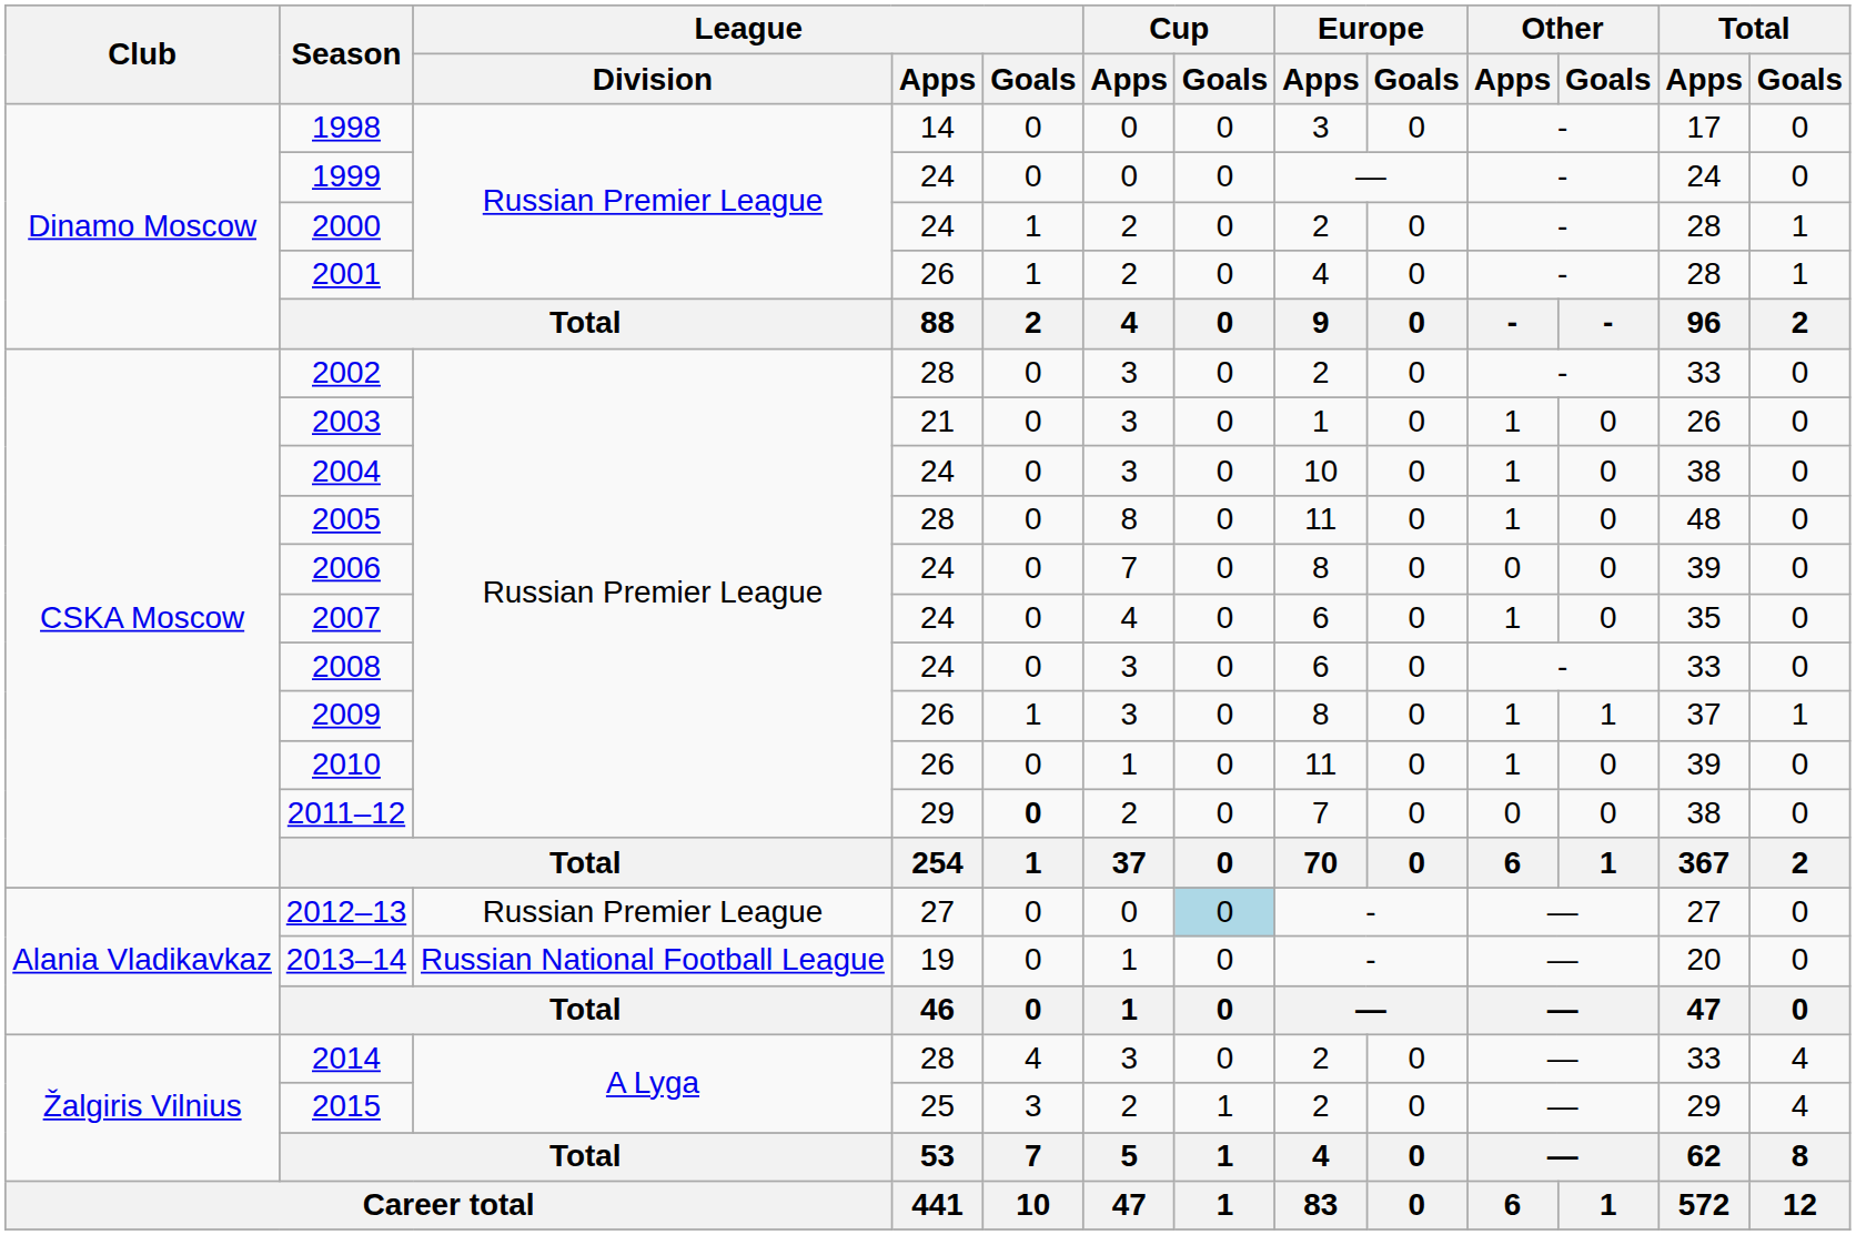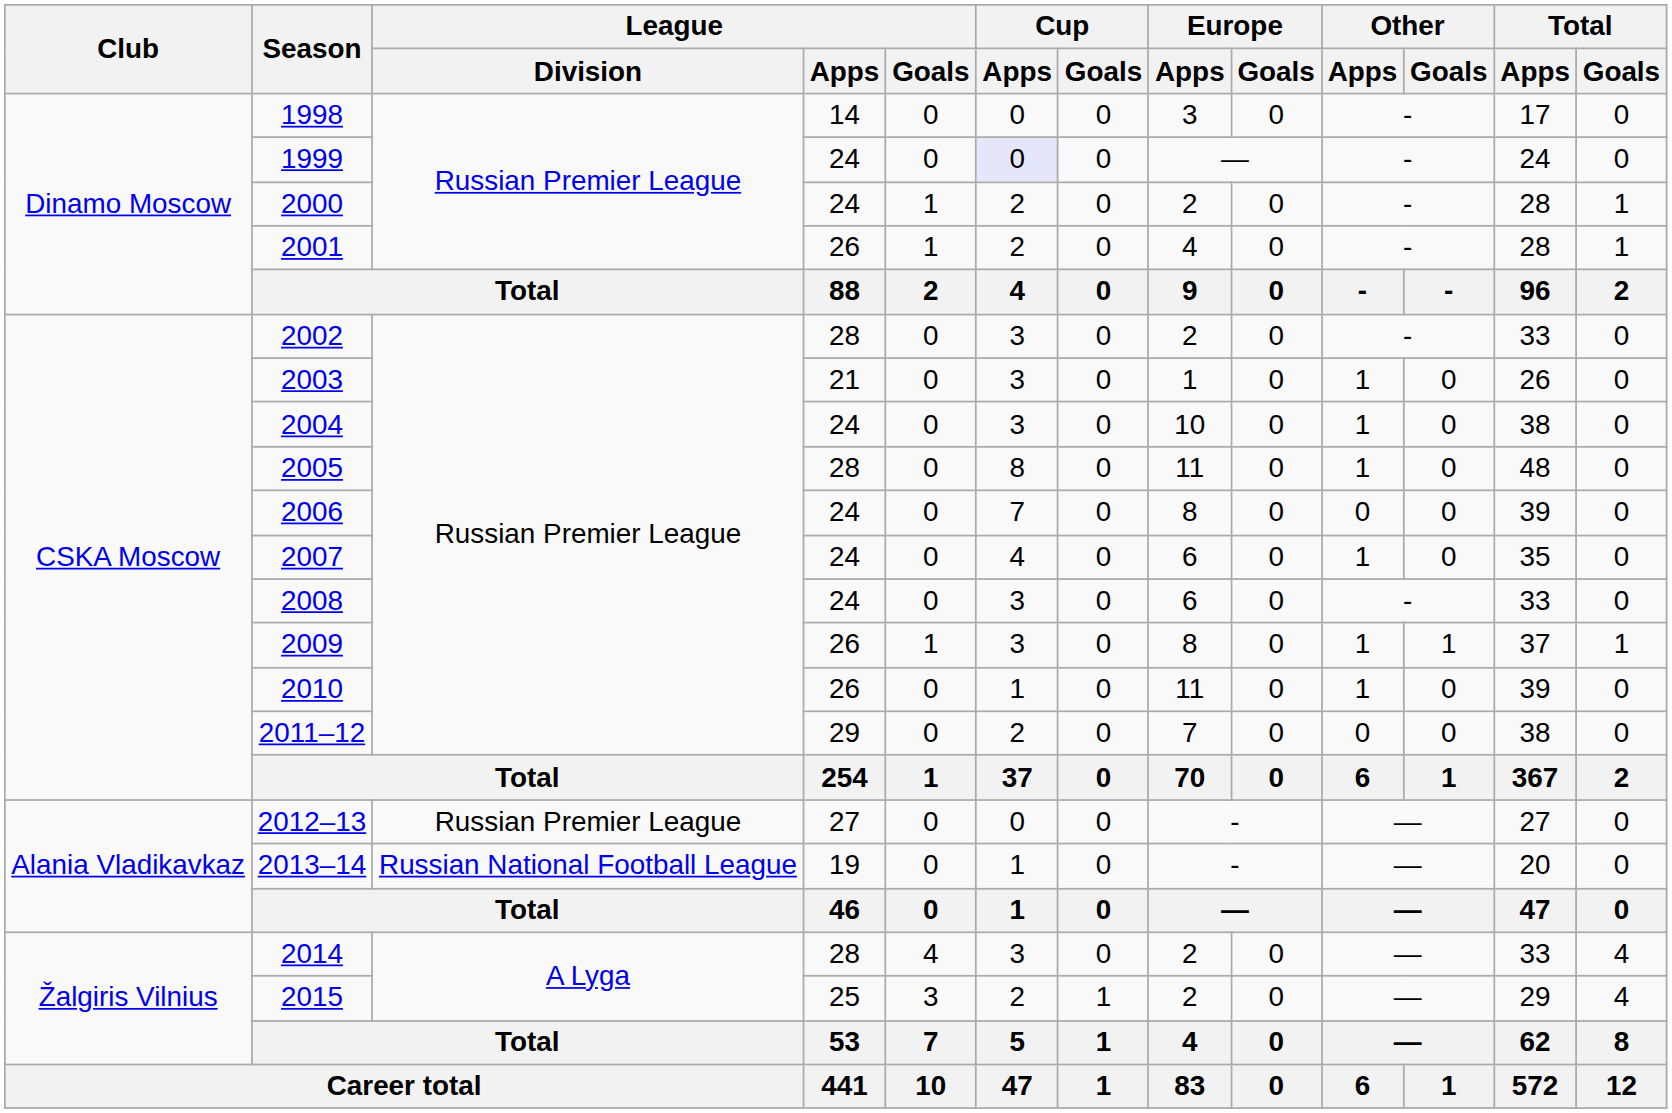 <table class="wikitable" style="text-align:center">
 <tr>
 <th rowspan="2">Club</th>
 <th rowspan="2">Season</th>
 <th colspan="3">League</th>
 <th colspan="2">Cup</th>
 <th colspan="2">Europe</th>
 <th colspan="2">Other</th>
 <th colspan="2">Total</th>
 </tr>
 <tr>
 <th>Division</th>
 <th>Apps</th>
 <th>Goals</th>
 <th>Apps</th>
 <th>Goals</th>
 <th>Apps</th>
 <th>Goals</th>
 <th>Apps</th>
 <th>Goals</th>
 <th>Apps</th>
 <th>Goals</th>
 </tr>
 <tr>
 <td rowspan="5"><a href='#'>Dinamo Moscow</a></td>
 <td><a href='#'>1998</a></td>
 <td rowspan="4"><a href='#'>Russian Premier League</a></td>
 <td>14</td>
 <td>0</td>
 <td>0</td>
 <td>0</td>
 <td>3</td>
 <td>0</td>
 <td colspan="2">-</td>
 <td>17</td>
 <td>0</td>
 </tr>
 <tr>
 <td><a href='#'>1999</a></td>
 <td>24</td>
 <td>0</td>
-<td>0</td>
+<td style="background: lavender;">0</td>
 <td>0</td>
 <td colspan="2">—</td>
 <td colspan="2">-</td>
 <td>24</td>
 <td>0</td>
 </tr>
 <tr>
 <td><a href='#'>2000</a></td>
 <td>24</td>
 <td>1</td>
 <td>2</td>
 <td>0</td>
 <td>2</td>
 <td>0</td>
 <td colspan="2">-</td>
 <td>28</td>
 <td>1</td>
 </tr>
 <tr>
 <td><a href='#'>2001</a></td>
 <td>26</td>
 <td>1</td>
 <td>2</td>
 <td>0</td>
 <td>4</td>
 <td>0</td>
 <td colspan="2">-</td>
 <td>28</td>
 <td>1</td>
 </tr>
 <tr>
 <th colspan="2">Total</th>
 <th>88</th>
 <th>2</th>
 <th>4</th>
 <th>0</th>
 <th>9</th>
 <th>0</th>
 <th>-</th>
 <th>-</th>
 <th>96</th>
 <th>2</th>
 </tr>
 <tr>
 <td rowspan="11"><a href='#'>CSKA Moscow</a></td>
 <td><a href='#'>2002</a></td>
 <td rowspan="10">Russian Premier League</td>
 <td>28</td>
 <td>0</td>
 <td>3</td>
 <td>0</td>
 <td>2</td>
 <td>0</td>
 <td colspan="2">-</td>
 <td>33</td>
 <td>0</td>
 </tr>
 <tr>
 <td><a href='#'>2003</a></td>
 <td>21</td>
 <td>0</td>
 <td>3</td>
 <td>0</td>
 <td>1</td>
 <td>0</td>
 <td>1</td>
 <td>0</td>
 <td>26</td>
 <td>0</td>
 </tr>
 <tr>
 <td><a href='#'>2004</a></td>
 <td>24</td>
 <td>0</td>
 <td>3</td>
 <td>0</td>
 <td>10</td>
 <td>0</td>
 <td>1</td>
 <td>0</td>
 <td>38</td>
 <td>0</td>
 </tr>
 <tr>
 <td><a href='#'>2005</a></td>
 <td>28</td>
 <td>0</td>
 <td>8</td>
 <td>0</td>
 <td>11</td>
 <td>0</td>
 <td>1</td>
 <td>0</td>
 <td>48</td>
 <td>0</td>
 </tr>
 <tr>
 <td><a href='#'>2006</a></td>
 <td>24</td>
 <td>0</td>
 <td>7</td>
 <td>0</td>
 <td>8</td>
 <td>0</td>
 <td>0</td>
 <td>0</td>
 <td>39</td>
 <td>0</td>
 </tr>
 <tr>
 <td><a href='#'>2007</a></td>
 <td>24</td>
 <td>0</td>
 <td>4</td>
 <td>0</td>
 <td>6</td>
 <td>0</td>
 <td>1</td>
 <td>0</td>
 <td>35</td>
 <td>0</td>
 </tr>
 <tr>
 <td><a href='#'>2008</a></td>
 <td>24</td>
 <td>0</td>
 <td>3</td>
 <td>0</td>
 <td>6</td>
 <td>0</td>
 <td colspan="2">-</td>
 <td>33</td>
 <td>0</td>
 </tr>
 <tr>
 <td><a href='#'>2009</a></td>
 <td>26</td>
 <td>1</td>
 <td>3</td>
 <td>0</td>
 <td>8</td>
 <td>0</td>
 <td>1</td>
 <td>1</td>
 <td>37</td>
 <td>1</td>
 </tr>
 <tr>
 <td><a href='#'>2010</a></td>
 <td>26</td>
 <td>0</td>
 <td>1</td>
 <td>0</td>
 <td>11</td>
 <td>0</td>
 <td>1</td>
 <td>0</td>
 <td>39</td>
 <td>0</td>
 </tr>
 <tr>
 <td><a href='#'>2011–12</a></td>
 <td>29</td>
-<td><strong>0</strong></td>
+<td>0</td>
 <td>2</td>
 <td>0</td>
 <td>7</td>
 <td>0</td>
 <td>0</td>
 <td>0</td>
 <td>38</td>
 <td>0</td>
 </tr>
 <tr>
 <th colspan="2">Total</th>
 <th>254</th>
 <th>1</th>
 <th>37</th>
 <th>0</th>
 <th>70</th>
 <th>0</th>
 <th>6</th>
 <th>1</th>
 <th>367</th>
 <th>2</th>
 </tr>
 <tr>
 <td rowspan="3"><a href='#'>Alania Vladikavkaz</a></td>
 <td><a href='#'>2012–13</a></td>
 <td>Russian Premier League</td>
 <td>27</td>
 <td>0</td>
 <td>0</td>
-<td style="background: lightblue;">0</td>
+<td>0</td>
 <td colspan="2">-</td>
 <td colspan="2">—</td>
 <td>27</td>
 <td>0</td>
 </tr>
 <tr>
 <td><a href='#'>2013–14</a></td>
 <td><a href='#'>Russian National Football League</a></td>
 <td>19</td>
 <td>0</td>
 <td>1</td>
 <td>0</td>
 <td colspan="2">-</td>
 <td colspan="2">—</td>
 <td>20</td>
 <td>0</td>
 </tr>
 <tr>
 <th colspan="2">Total</th>
 <th>46</th>
 <th>0</th>
 <th>1</th>
 <th>0</th>
 <th colspan="2">—</th>
 <th colspan="2">—</th>
 <th>47</th>
 <th>0</th>
 </tr>
 <tr>
 <td rowspan="3"><a href='#'>Žalgiris Vilnius</a></td>
 <td><a href='#'>2014</a></td>
 <td rowspan="2"><a href='#'>A Lyga</a></td>
 <td>28</td>
 <td>4</td>
 <td>3</td>
 <td>0</td>
 <td>2</td>
 <td>0</td>
 <td colspan="2">—</td>
 <td>33</td>
 <td>4</td>
 </tr>
 <tr>
 <td><a href='#'>2015</a></td>
 <td>25</td>
 <td>3</td>
 <td>2</td>
 <td>1</td>
 <td>2</td>
 <td>0</td>
 <td colspan="2">—</td>
 <td>29</td>
 <td>4</td>
 </tr>
 <tr>
 <th colspan="2">Total</th>
 <th>53</th>
 <th>7</th>
 <th>5</th>
 <th>1</th>
 <th>4</th>
 <th>0</th>
 <th colspan="2">—</th>
 <th>62</th>
 <th>8</th>
 </tr>
 <tr>
 <th colspan="3">Career total</th>
 <th>441</th>
 <th>10</th>
 <th>47</th>
 <th>1</th>
 <th>83</th>
 <th>0</th>
 <th>6</th>
 <th>1</th>
 <th>572</th>
 <th>12</th>
 </tr>
 </table>
